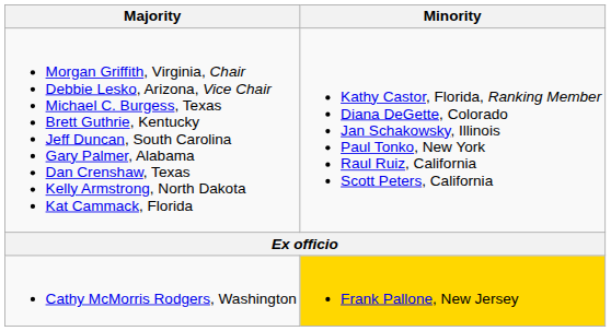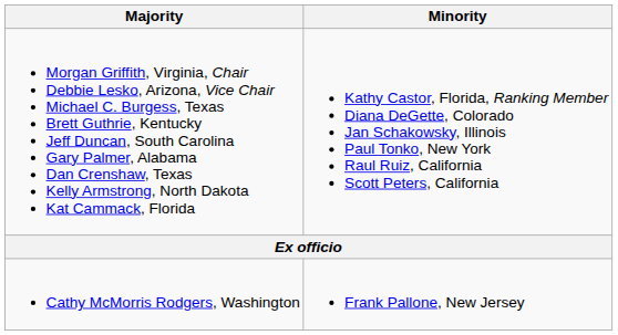 <table class=wikitable>
 <tr>
 <th>Majority</th>
 <th>Minority</th>
 </tr>
 <tr>
 <td><br><ul><li><a href='#'>Morgan Griffith</a>, Virginia, <em>Chair</em></li><li><a href='#'>Debbie Lesko</a>, Arizona, <em>Vice Chair</em></li><li><a href='#'>Michael C. Burgess</a>, Texas</li><li><a href='#'>Brett Guthrie</a>, Kentucky</li><li><a href='#'>Jeff Duncan</a>, South Carolina</li><li><a href='#'>Gary Palmer</a>, Alabama</li><li><a href='#'>Dan Crenshaw</a>, Texas</li><li><a href='#'>Kelly Armstrong</a>, North Dakota</li><li><a href='#'>Kat Cammack</a>, Florida</li></ul></td>
 <td><br><ul><li><a href='#'>Kathy Castor</a>, Florida, <em>Ranking Member</em></li><li><a href='#'>Diana DeGette</a>, Colorado</li><li><a href='#'>Jan Schakowsky</a>, Illinois</li><li><a href='#'>Paul Tonko</a>, New York</li><li><a href='#'>Raul Ruiz</a>, California</li><li><a href='#'>Scott Peters</a>, California</li></ul></td>
 </tr>
 <tr>
 <th colspan=2><em>Ex officio</em></th>
 </tr>
 <tr>
 <td><br><ul><li><a href='#'>Cathy McMorris Rodgers</a>, Washington</li></ul></td>
-<td style="background: gold;"><br><ul><li><a href='#'>Frank Pallone</a>, New Jersey</li></ul></td>
+<td><br><ul><li><a href='#'>Frank Pallone</a>, New Jersey</li></ul></td>
 </tr>
 </table>
